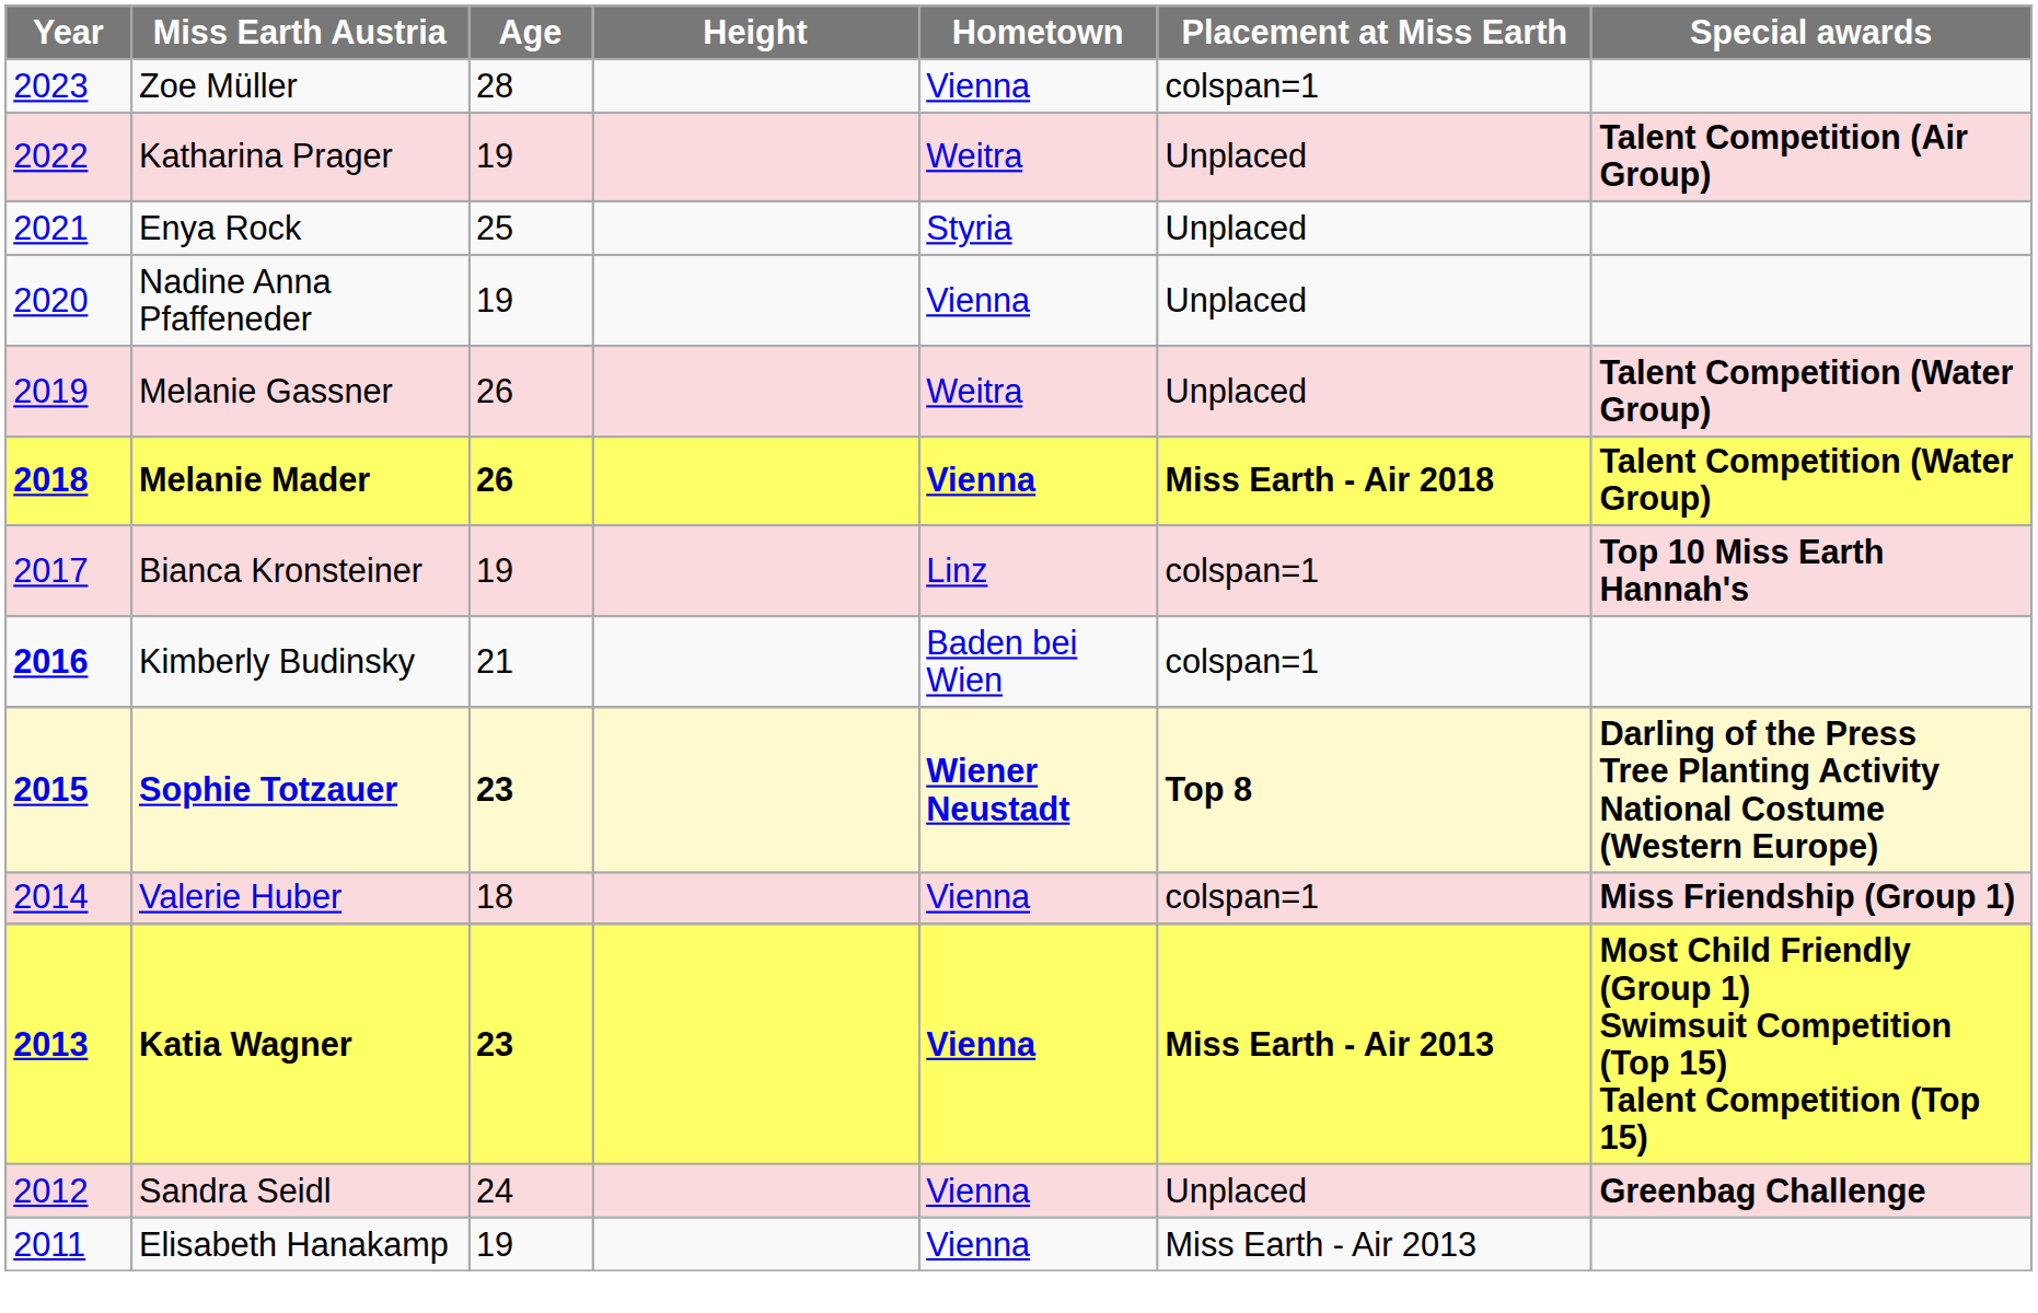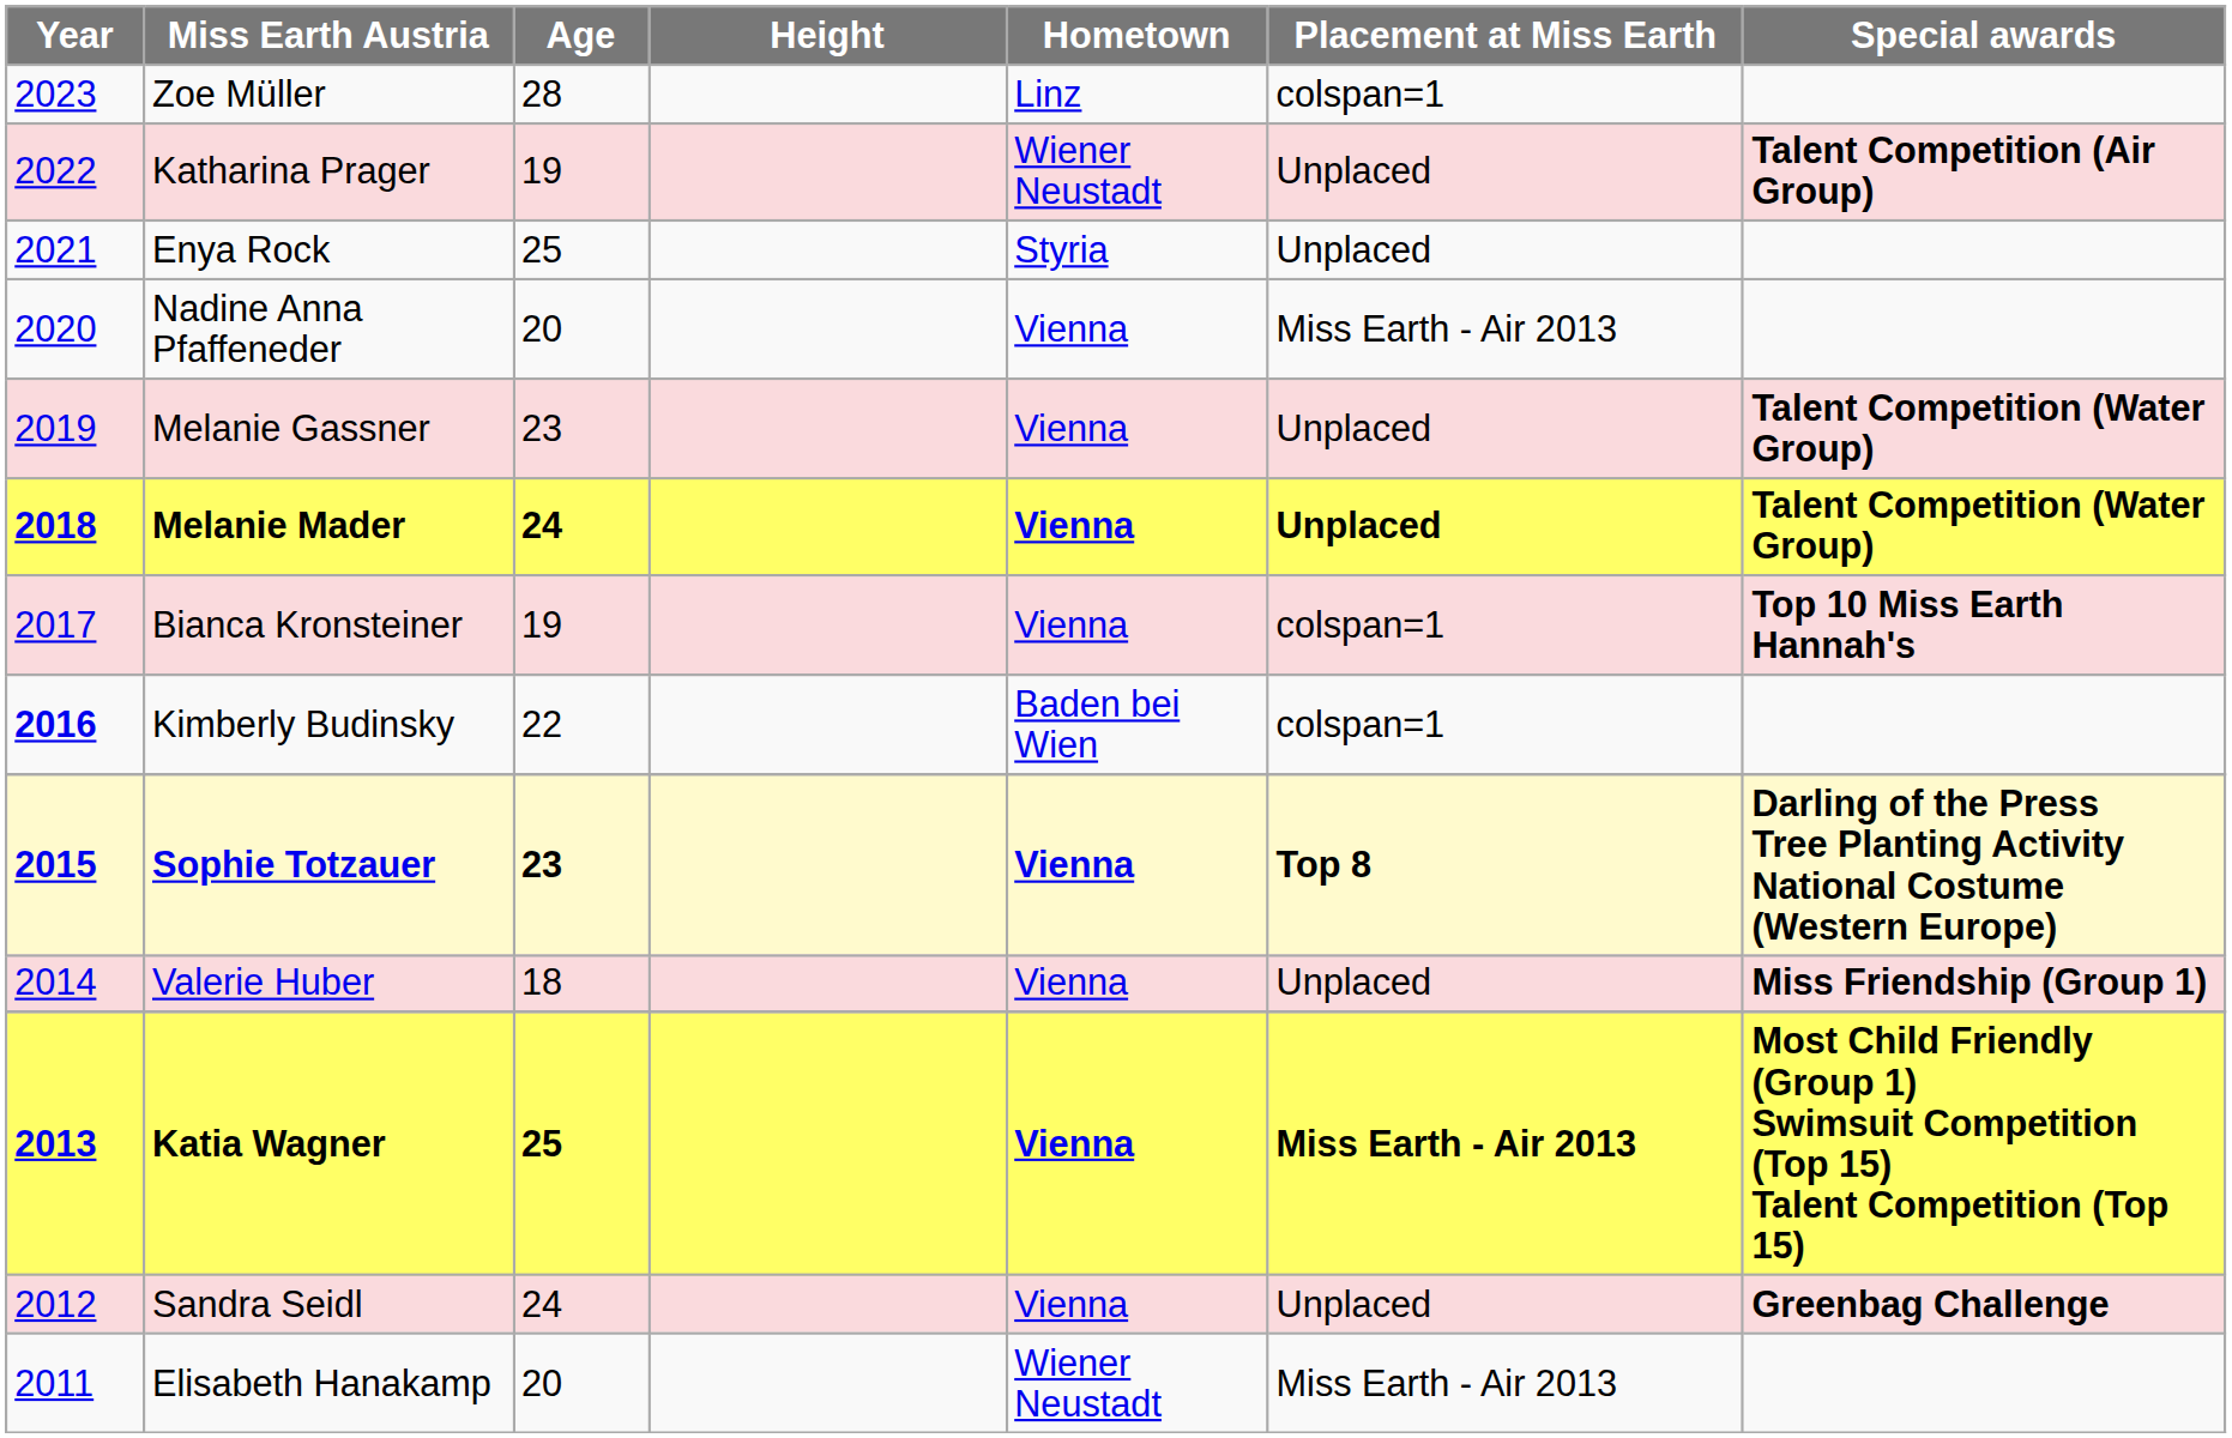 <table class="wikitable sortable" style="font-size: 90%;">
 <tr>
 <th width="50" style="background-color:#787878;color:#FFFFFF;">Year</th>
 <th width="150" style="background-color:#787878;color:#FFFFFF;">Miss Earth Austria</th>
 <th width="50" style="background-color:#787878;color:#FFFFFF;">Age</th>
 <th width="150" style="background-color:#787878;color:#FFFFFF;">Height</th>
 <th width="100" style="background-color:#787878;color:#FFFFFF;">Hometown</th>
 <th width="200" style="background-color:#787878;color:#FFFFFF;">Placement at Miss Earth</th>
 <th width="200" style="background-color:#787878;color:#FFFFFF;">Special awards</th>
 </tr>
 <tr>
 <td><a href='#'>2023</a></td>
 <td>Zoe Müller</td>
 <td>28</td>
 <td></td>
-<td><a href='#'>Vienna</a></td>
+<td><a href='#'>Linz</a></td>
 <td>colspan=1 </td>
 <td></td>
 </tr>
 <tr style="background-color:#FADADD;">
 <td><a href='#'>2022</a></td>
 <td>Katharina Prager</td>
 <td>19</td>
 <td></td>
-<td><a href='#'>Weitra</a></td>
+<td><a href='#'>Wiener Neustadt</a></td>
 <td>Unplaced</td>
 <td><strong> Talent Competition (Air Group)</strong></td>
 </tr>
 <tr>
 <td><a href='#'>2021</a></td>
 <td>Enya Rock</td>
 <td>25</td>
 <td></td>
 <td><a href='#'>Styria</a></td>
 <td>Unplaced</td>
 <td></td>
 </tr>
 <tr>
 <td><a href='#'>2020</a></td>
 <td>Nadine Anna Pfaffeneder</td>
-<td>19</td>
+<td>20</td>
 <td></td>
 <td><a href='#'>Vienna</a></td>
-<td>Unplaced</td>
+<td>Miss Earth - Air 2013</td>
 <td></td>
 </tr>
 <tr style="background-color:#FADADD;">
 <td><a href='#'>2019</a></td>
 <td>Melanie Gassner</td>
-<td>26</td>
+<td>23</td>
 <td></td>
-<td><a href='#'>Weitra</a></td>
+<td><a href='#'>Vienna</a></td>
 <td>Unplaced</td>
 <td><strong> Talent Competition (Water Group)</strong></td>
 </tr>
 <tr style="background-color:#FFFF66; font-weight: bold">
 <td><a href='#'>2018</a></td>
 <td>Melanie Mader</td>
-<td>26</td>
+<td>24</td>
 <td></td>
 <td><a href='#'>Vienna</a></td>
-<td>Miss Earth - Air 2018</td>
+<td>Unplaced</td>
 <td> Talent Competition (Water Group)</td>
 </tr>
 <tr style="background-color:#FADADD;">
 <td><a href='#'>2017</a></td>
 <td>Bianca Kronsteiner</td>
 <td>19</td>
 <td></td>
-<td><a href='#'>Linz</a></td>
+<td><a href='#'>Vienna</a></td>
 <td>colspan=1 </td>
 <td><strong>Top 10 Miss Earth Hannah's</strong></td>
 </tr>
 <tr>
 <td><strong><a href='#'>2016</a></strong></td>
 <td>Kimberly Budinsky</td>
-<td>21</td>
+<td>22</td>
 <td></td>
 <td><a href='#'>Baden bei Wien</a></td>
 <td>colspan=1 </td>
 <td></td>
 </tr>
 <tr>
 </tr>
 <tr style="background-color:#FFFACD; font-weight: bold">
 <td><a href='#'>2015</a></td>
 <td><a href='#'>Sophie Totzauer</a></td>
 <td>23</td>
 <td></td>
-<td><a href='#'>Wiener Neustadt</a></td>
+<td><a href='#'>Vienna</a></td>
 <td>Top 8</td>
 <td> Darling of the Press <br> Tree Planting Activity <br>  National Costume (Western Europe)</td>
 </tr>
 <tr style="background-color:#FADADD;">
 <td><a href='#'>2014</a></td>
 <td><a href='#'>Valerie Huber</a></td>
 <td>18</td>
 <td></td>
 <td><a href='#'>Vienna</a></td>
-<td>colspan=1 </td>
+<td>Unplaced</td>
 <td><strong> Miss Friendship (Group 1)</strong></td>
 </tr>
 <tr>
 </tr>
 <tr style="background-color:#FFFF66; font-weight: bold">
 <td><a href='#'>2013</a></td>
 <td>Katia Wagner</td>
-<td>23</td>
+<td>25</td>
 <td></td>
 <td><a href='#'>Vienna</a></td>
 <td>Miss Earth - Air 2013</td>
 <td> Most Child Friendly (Group 1)<br>Swimsuit Competition (Top 15)<br> Talent Competition (Top 15)</td>
 </tr>
 <tr style="background-color:#FADADD;">
 <td><a href='#'>2012</a></td>
 <td>Sandra Seidl</td>
 <td>24</td>
 <td></td>
 <td><a href='#'>Vienna</a></td>
 <td>Unplaced</td>
 <td><strong> Greenbag Challenge</strong></td>
 </tr>
 <tr>
 <td><a href='#'>2011</a></td>
 <td>Elisabeth Hanakamp</td>
-<td>19</td>
+<td>20</td>
 <td></td>
-<td><a href='#'>Vienna</a></td>
+<td><a href='#'>Wiener Neustadt</a></td>
 <td>Miss Earth - Air 2013</td>
 <td></td>
 </tr>
 <tr>
 </tr>
 </table>
